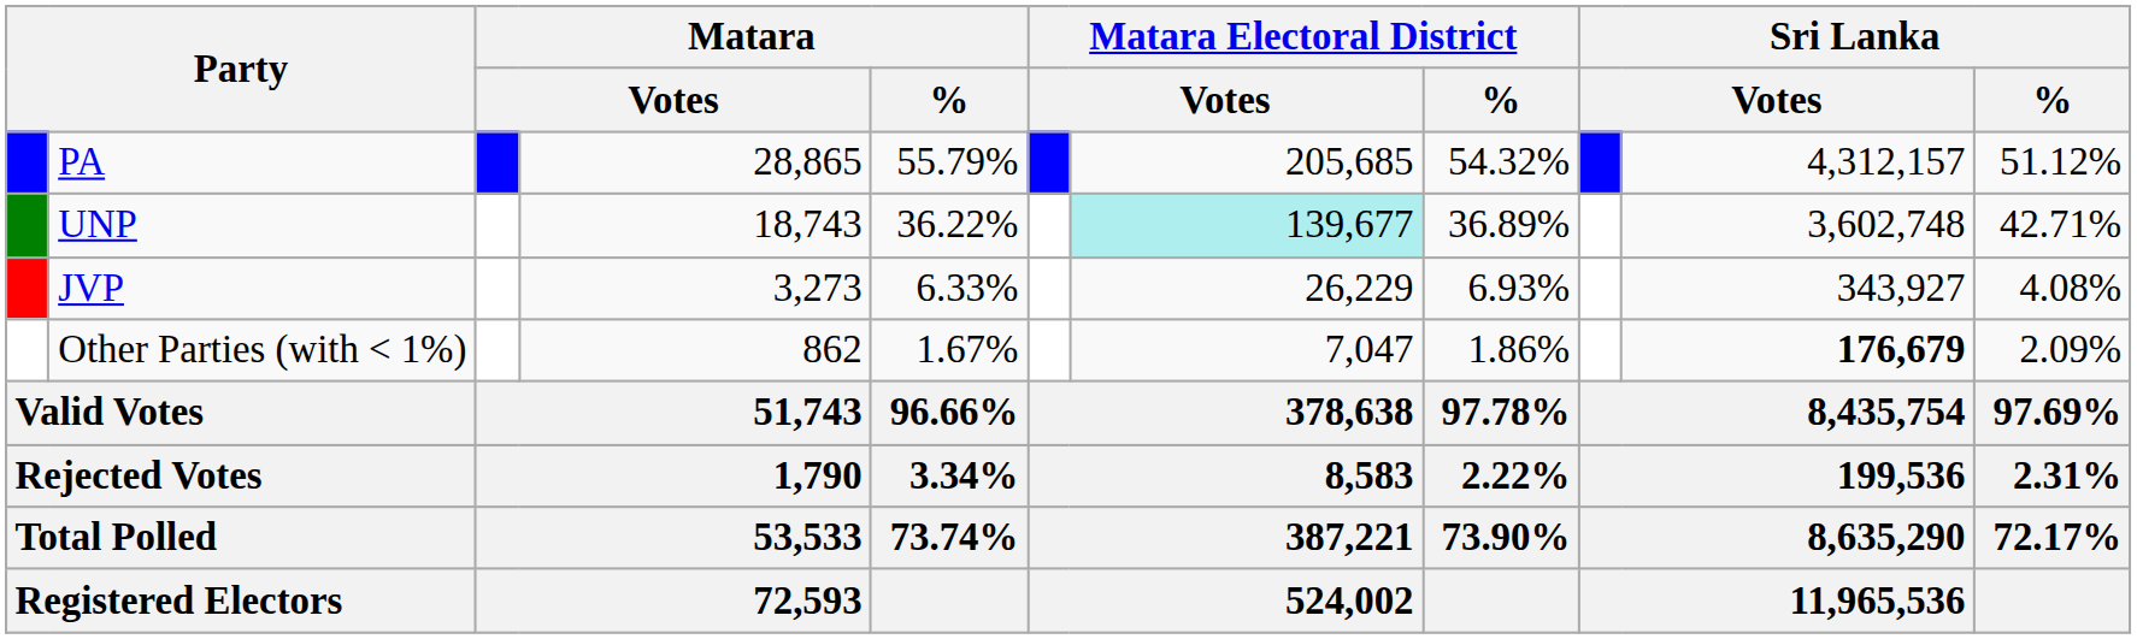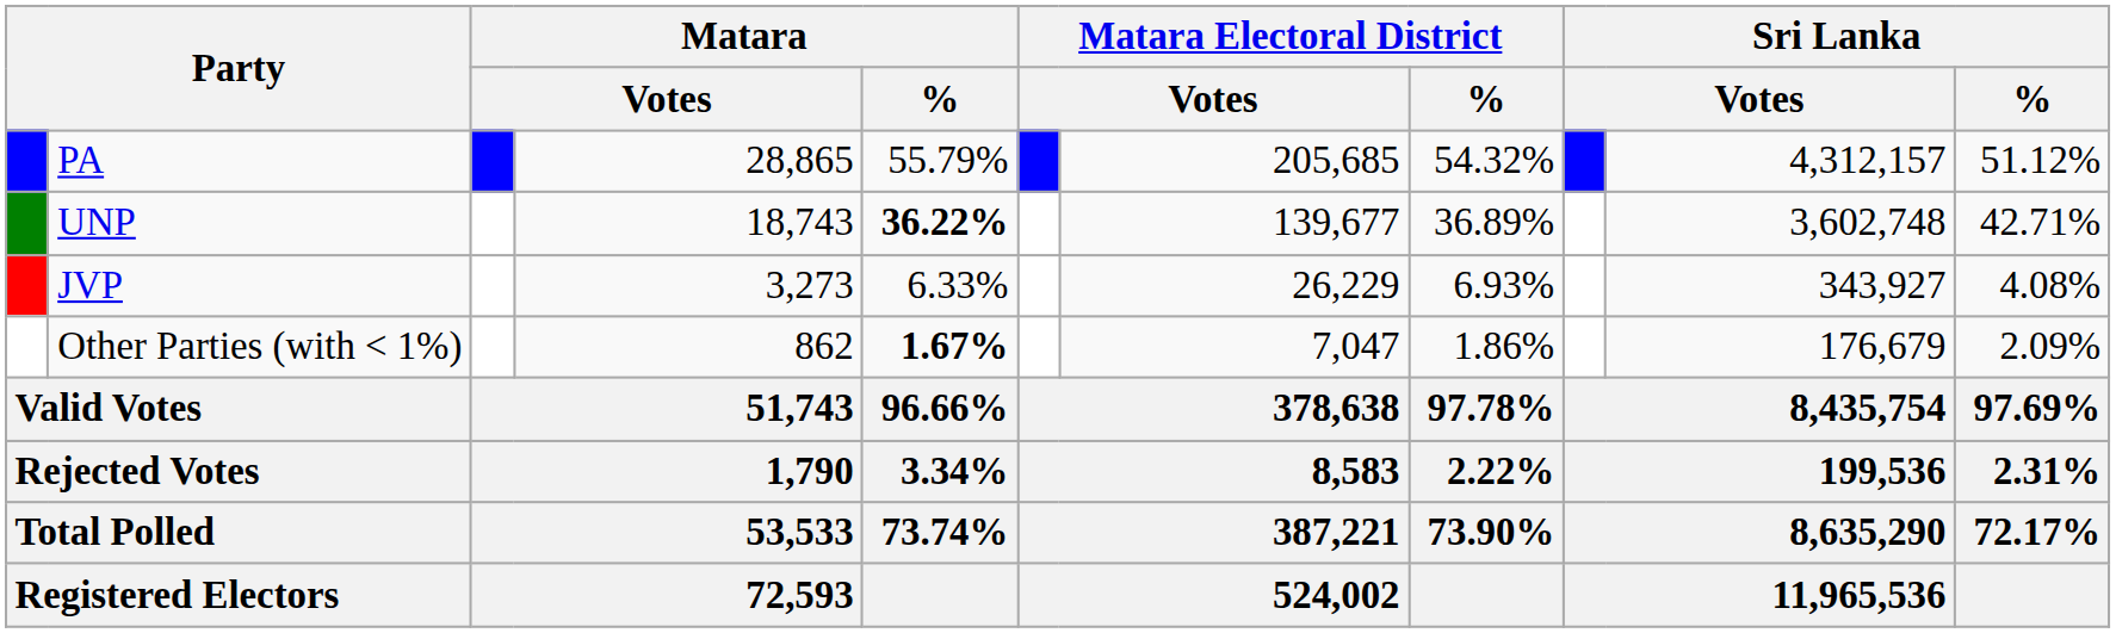 <table class="wikitable">
 <tr>
 <th colspan="2" width="144px"rowspan="2">Party</th>
 <th colspan="3" width="216px">Matara</th>
 <th colspan="3" width="216px"><a href='#'>Matara Electoral District</a></th>
 <th colspan="3" width="216px">Sri Lanka</th>
 </tr>
 <tr>
 <th colspan="2" width="144px">Votes</th>
 <th>%</th>
 <th colspan="2" width="144px">Votes</th>
 <th>%</th>
 <th colspan="2" width="144px">Votes</th>
 <th>%</th>
 </tr>
 <tr>
 <td style="background-color:blue;" width="10px"></td>
 <td style="text-align:left;"><a href='#'>PA</a></td>
 <td style="background-color:blue;" width="10px"></td>
 <td style="text-align:right;">28,865</td>
 <td style="text-align:right;">55.79%</td>
 <td style="background-color:blue;" width="10px"></td>
 <td style="text-align:right;">205,685</td>
 <td style="text-align:right;">54.32%</td>
 <td style="background-color:blue;" width="10px"></td>
 <td style="text-align:right;">4,312,157</td>
 <td style="text-align:right;">51.12%</td>
 </tr>
 <tr>
 <td style="background-color:green;" width="10px"></td>
 <td style="text-align:left;"><a href='#'>UNP</a></td>
 <td style="background-color:white;" width="10px"></td>
 <td style="text-align:right;">18,743</td>
-<td style="text-align:right;">36.22%</td>
+<td style="text-align:right;"><strong>36.22%</strong></td>
 <td style="background-color:white;" width="10px"></td>
-<td style="background: paleturquoise; text-align:right;">139,677</td>
+<td style="text-align:right;">139,677</td>
 <td style="text-align:right;">36.89%</td>
 <td style="background-color:white;" width="10px"></td>
 <td style="text-align:right;">3,602,748</td>
 <td style="text-align:right;">42.71%</td>
 </tr>
 <tr>
 <td style="background-color:red;" width="10px"></td>
 <td style="text-align:left;"><a href='#'>JVP</a></td>
 <td style="background-color:white;" width="10px"></td>
 <td style="text-align:right;">3,273</td>
 <td style="text-align:right;">6.33%</td>
 <td style="background-color:white;" width="10px"></td>
 <td style="text-align:right;">26,229</td>
 <td style="text-align:right;">6.93%</td>
 <td style="background-color:white;" width="10px"></td>
 <td style="text-align:right;">343,927</td>
 <td style="text-align:right;">4.08%</td>
 </tr>
 <tr>
 <td style="background-color:white;" width="10px"></td>
 <td style="text-align:left;">Other Parties (with < 1%)</td>
 <td style="background-color:white;" width="10px"></td>
 <td style="text-align:right;">862</td>
-<td style="text-align:right;">1.67%</td>
+<td style="text-align:right;"><strong>1.67%</strong></td>
 <td style="background-color:white;" width="10px"></td>
 <td style="text-align:right;">7,047</td>
 <td style="text-align:right;">1.86%</td>
 <td style="background-color:white;" width="10px"></td>
-<td style="text-align:right;"><strong>176,679</strong></td>
+<td style="text-align:right;">176,679</td>
 <td style="text-align:right;">2.09%</td>
 </tr>
 <tr>
 <th colspan="2" width="144px"style="text-align:left;">Valid Votes</th>
 <th style="text-align:right;"colspan="2" width="144px">51,743</th>
 <th style="text-align:right;">96.66%</th>
 <th style="text-align:right;"colspan="2" width="144px">378,638</th>
 <th style="text-align:right;">97.78%</th>
 <th style="text-align:right;"colspan="2" width="144px">8,435,754</th>
 <th style="text-align:right;">97.69%</th>
 </tr>
 <tr>
 <th colspan="2" width="144px"style="text-align:left;">Rejected Votes</th>
 <th style="text-align:right;"colspan="2" width="144px">1,790</th>
 <th style="text-align:right;">3.34%</th>
 <th style="text-align:right;"colspan="2" width="144px">8,583</th>
 <th style="text-align:right;">2.22%</th>
 <th style="text-align:right;"colspan="2" width="144px">199,536</th>
 <th style="text-align:right;">2.31%</th>
 </tr>
 <tr>
 <th colspan="2" width="144px"style="text-align:left;">Total Polled</th>
 <th style="text-align:right;"colspan="2" width="144px">53,533</th>
 <th style="text-align:right;">73.74%</th>
 <th style="text-align:right;"colspan="2" width="144px">387,221</th>
 <th style="text-align:right;">73.90%</th>
 <th style="text-align:right;"colspan="2" width="144px">8,635,290</th>
 <th style="text-align:right;">72.17%</th>
 </tr>
 <tr>
 <th colspan="2" width="144px"style="text-align:left;">Registered Electors</th>
 <th style="text-align:right;"colspan="2" width="144px">72,593</th>
 <th></th>
 <th style="text-align:right;"colspan="2" width="144px">524,002</th>
 <th></th>
 <th style="text-align:right;"colspan="2" width="144px">11,965,536</th>
 <th></th>
 </tr>
 </table>
